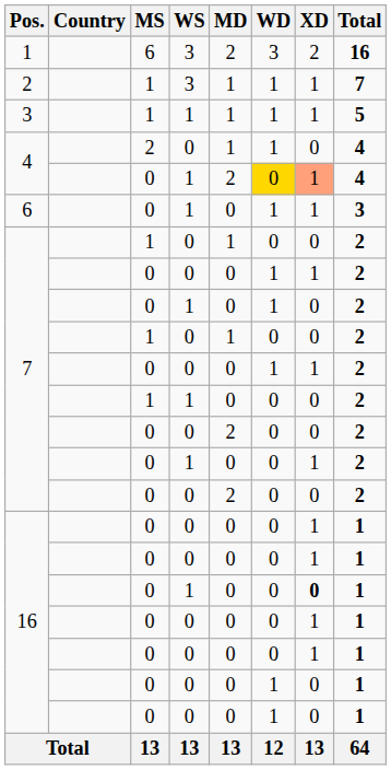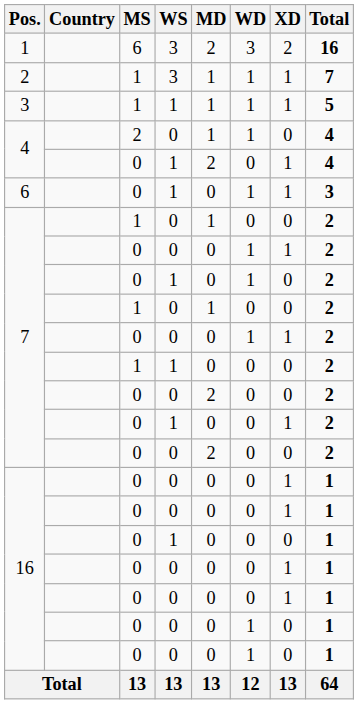 <table class="wikitable" style="text-align:center">
 <tr>
 <th>Pos.</th>
 <th>Country</th>
 <th>MS</th>
 <th>WS</th>
 <th>MD</th>
 <th>WD</th>
 <th>XD</th>
 <th>Total</th>
 </tr>
 <tr>
 <td>1</td>
 <td align="left"></td>
 <td>6</td>
 <td>3</td>
 <td>2</td>
 <td>3</td>
 <td>2</td>
 <td><strong>16</strong></td>
 </tr>
 <tr>
 <td>2</td>
 <td align="left"></td>
 <td>1</td>
 <td>3</td>
 <td>1</td>
 <td>1</td>
 <td>1</td>
 <td><strong>7</strong></td>
 </tr>
 <tr>
 <td>3</td>
 <td align="left"></td>
 <td>1</td>
 <td>1</td>
 <td>1</td>
 <td>1</td>
 <td>1</td>
 <td><strong>5</strong></td>
 </tr>
 <tr>
 <td rowspan=2>4</td>
 <td align="left"></td>
 <td>2</td>
 <td>0</td>
 <td>1</td>
 <td>1</td>
 <td>0</td>
 <td><strong>4</strong></td>
 </tr>
 <tr>
 <td align="left"></td>
 <td>0</td>
 <td>1</td>
 <td>2</td>
-<td style="background: gold;">0</td>
-<td style="background: lightsalmon;">1</td>
+<td>0</td>
+<td>1</td>
 <td><strong>4</strong></td>
 </tr>
 <tr>
 <td>6</td>
 <td align="left"><strong></strong></td>
 <td>0</td>
 <td>1</td>
 <td>0</td>
 <td>1</td>
 <td>1</td>
 <td><strong>3</strong></td>
 </tr>
 <tr>
 <td rowspan="9">7</td>
 <td align="left"></td>
 <td>1</td>
 <td>0</td>
 <td>1</td>
 <td>0</td>
 <td>0</td>
 <td><strong>2</strong></td>
 </tr>
 <tr>
 <td align="left"></td>
 <td>0</td>
 <td>0</td>
 <td>0</td>
 <td>1</td>
 <td>1</td>
 <td><strong>2</strong></td>
 </tr>
 <tr>
 <td align="left"></td>
 <td>0</td>
 <td>1</td>
 <td>0</td>
 <td>1</td>
 <td>0</td>
 <td><strong>2</strong></td>
 </tr>
 <tr>
 <td align="left"></td>
 <td>1</td>
 <td>0</td>
 <td>1</td>
 <td>0</td>
 <td>0</td>
 <td><strong>2</strong></td>
 </tr>
 <tr>
 <td align="left"></td>
 <td>0</td>
 <td>0</td>
 <td>0</td>
 <td>1</td>
 <td>1</td>
 <td><strong>2</strong></td>
 </tr>
 <tr>
 <td align="left"></td>
 <td>1</td>
 <td>1</td>
 <td>0</td>
 <td>0</td>
 <td>0</td>
 <td><strong>2</strong></td>
 </tr>
 <tr>
 <td align="left"></td>
 <td>0</td>
 <td>0</td>
 <td>2</td>
 <td>0</td>
 <td>0</td>
 <td><strong>2</strong></td>
 </tr>
 <tr>
 <td align="left"></td>
 <td>0</td>
 <td>1</td>
 <td>0</td>
 <td>0</td>
 <td>1</td>
 <td><strong>2</strong></td>
 </tr>
 <tr>
 <td align="left"></td>
 <td>0</td>
 <td>0</td>
 <td>2</td>
 <td>0</td>
 <td>0</td>
 <td><strong>2</strong></td>
 </tr>
 <tr>
 <td rowspan="7">16</td>
 <td align="left"></td>
 <td>0</td>
 <td>0</td>
 <td>0</td>
 <td>0</td>
 <td>1</td>
 <td><strong>1</strong></td>
 </tr>
 <tr>
 <td align="left"></td>
 <td>0</td>
 <td>0</td>
 <td>0</td>
 <td>0</td>
 <td>1</td>
 <td><strong>1</strong></td>
 </tr>
 <tr>
 <td align="left"></td>
 <td>0</td>
 <td>1</td>
 <td>0</td>
 <td>0</td>
-<td><strong>0</strong></td>
+<td>0</td>
 <td><strong>1</strong></td>
 </tr>
 <tr>
 <td align="left"></td>
 <td>0</td>
 <td>0</td>
 <td>0</td>
 <td>0</td>
 <td>1</td>
 <td><strong>1</strong></td>
 </tr>
 <tr>
 <td align="left"></td>
 <td>0</td>
 <td>0</td>
 <td>0</td>
 <td>0</td>
 <td>1</td>
 <td><strong>1</strong></td>
 </tr>
 <tr>
 <td align="left"></td>
 <td>0</td>
 <td>0</td>
 <td>0</td>
 <td>1</td>
 <td>0</td>
 <td><strong>1</strong></td>
 </tr>
 <tr>
 <td align="left"></td>
 <td>0</td>
 <td>0</td>
 <td>0</td>
 <td>1</td>
 <td>0</td>
 <td><strong>1</strong></td>
 </tr>
 <tr>
 <th colspan="2">Total</th>
 <th>13</th>
 <th>13</th>
 <th>13</th>
 <th>12</th>
 <th>13</th>
 <th>64</th>
 </tr>
 </table>
